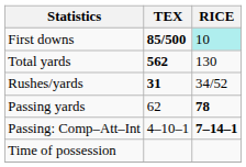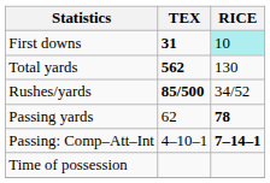 <table class="wikitable" style="float: left;">
 <tr>
 <th>Statistics</th>
 <th>TEX</th>
 <th>RICE</th>
 </tr>
 <tr>
 <td>First downs</td>
-<td><strong>85/500</strong></td>
+<td><strong>31</strong></td>
 <td style="background: paleturquoise;">10</td>
 </tr>
 <tr>
 <td>Total yards</td>
 <td><strong>562</strong></td>
 <td>130</td>
 </tr>
 <tr>
 <td>Rushes/yards</td>
-<td><strong>31</strong></td>
+<td><strong>85/500</strong></td>
 <td>34/52</td>
 </tr>
 <tr>
 <td>Passing yards</td>
 <td>62</td>
 <td><strong>78</strong></td>
 </tr>
 <tr>
 <td>Passing: Comp–Att–Int</td>
 <td>4–10–1</td>
 <td><strong>7–14–1</strong></td>
 </tr>
 <tr>
 <td>Time of possession</td>
 <td></td>
 <td></td>
 </tr>
 <tr>
 </tr>
 </table>
